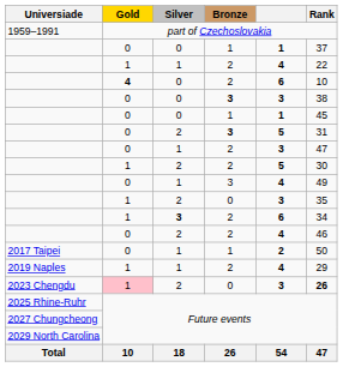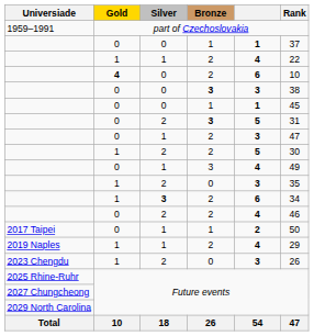 <table class="wikitable" style="text-align:center; font-size:80%;">
 <tr>
 <th>Universiade</th>
 <td style="background:gold; width:4.5em; font-weight:bold;">Gold<br></td>
 <td style="background:silver; width:4.5em; font-weight:bold;">Silver<br></td>
 <td style="background:#cc9966; width:4.5em; font-weight:bold;">Bronze<br></td>
 <th style="width:4.5em; font-weight:bold;"></th>
 <th>Rank</th>
 </tr>
 <tr>
 <td align=left>1959–1991</td>
 <td colspan=5><em>part of  <a href='#'>Czechoslovakia</a></em></td>
 </tr>
 <tr>
 <td align=left></td>
 <td>0</td>
 <td>0</td>
 <td>1</td>
 <td><strong>1</strong></td>
 <td>37</td>
 </tr>
 <tr>
 <td align=left></td>
 <td>1</td>
 <td>1</td>
 <td>2</td>
 <td><strong>4</strong></td>
 <td>22</td>
 </tr>
 <tr>
 <td align=left></td>
 <td><strong>4</strong></td>
 <td>0</td>
 <td>2</td>
 <td><strong>6</strong></td>
 <td>10</td>
 </tr>
 <tr>
 <td align=left></td>
 <td>0</td>
 <td>0</td>
 <td><strong>3</strong></td>
 <td><strong>3</strong></td>
 <td>38</td>
 </tr>
 <tr>
 <td align=left></td>
 <td>0</td>
 <td>0</td>
 <td>1</td>
 <td><strong>1</strong></td>
 <td>45</td>
 </tr>
 <tr>
 <td align=left></td>
 <td>0</td>
 <td>2</td>
 <td><strong>3</strong></td>
 <td><strong>5</strong></td>
 <td>31</td>
 </tr>
 <tr>
 <td align=left></td>
 <td>0</td>
 <td>1</td>
 <td>2</td>
 <td><strong>3</strong></td>
 <td>47</td>
 </tr>
 <tr>
 <td align=left></td>
 <td>1</td>
 <td>2</td>
 <td>2</td>
 <td><strong>5</strong></td>
 <td>30</td>
 </tr>
 <tr>
 <td align=left></td>
 <td>0</td>
 <td>1</td>
 <td>3</td>
 <td><strong>4</strong></td>
 <td>49</td>
 </tr>
 <tr>
 <td align=left></td>
 <td>1</td>
 <td>2</td>
 <td>0</td>
 <td><strong>3</strong></td>
 <td>35</td>
 </tr>
 <tr>
 <td align=left></td>
 <td>1</td>
 <td><strong>3</strong></td>
 <td>2</td>
 <td><strong>6</strong></td>
 <td>34</td>
 </tr>
 <tr>
 <td align=left></td>
 <td>0</td>
 <td>2</td>
 <td>2</td>
 <td><strong>4</strong></td>
 <td>46</td>
 </tr>
 <tr>
 <td align=left> <a href='#'>2017 Taipei</a></td>
 <td>0</td>
 <td>1</td>
 <td>1</td>
 <td><strong>2</strong></td>
 <td>50</td>
 </tr>
 <tr>
 <td align=left> <a href='#'>2019 Naples</a></td>
 <td>1</td>
 <td>1</td>
 <td>2</td>
 <td><strong>4</strong></td>
 <td>29</td>
 </tr>
 <tr>
 <td align=left> <a href='#'>2023 Chengdu</a></td>
-<td style="background: pink;">1</td>
+<td>1</td>
 <td>2</td>
 <td>0</td>
 <td><strong>3</strong></td>
-<td><strong>26</strong></td>
+<td>26</td>
 </tr>
 <tr>
 <td align=left> <a href='#'>2025 Rhine-Ruhr</a></td>
 <td rowspan=3 colspan=6><em>Future events</em></td>
 </tr>
 <tr>
 <td align=left> <a href='#'>2027 Chungcheong</a></td>
 </tr>
 <tr>
 <td align=left> <a href='#'>2029 North Carolina</a></td>
 </tr>
 <tr>
 <th>Total</th>
 <th>10</th>
 <th>18</th>
 <th>26</th>
 <th>54</th>
 <th>47</th>
 </tr>
 </table>
